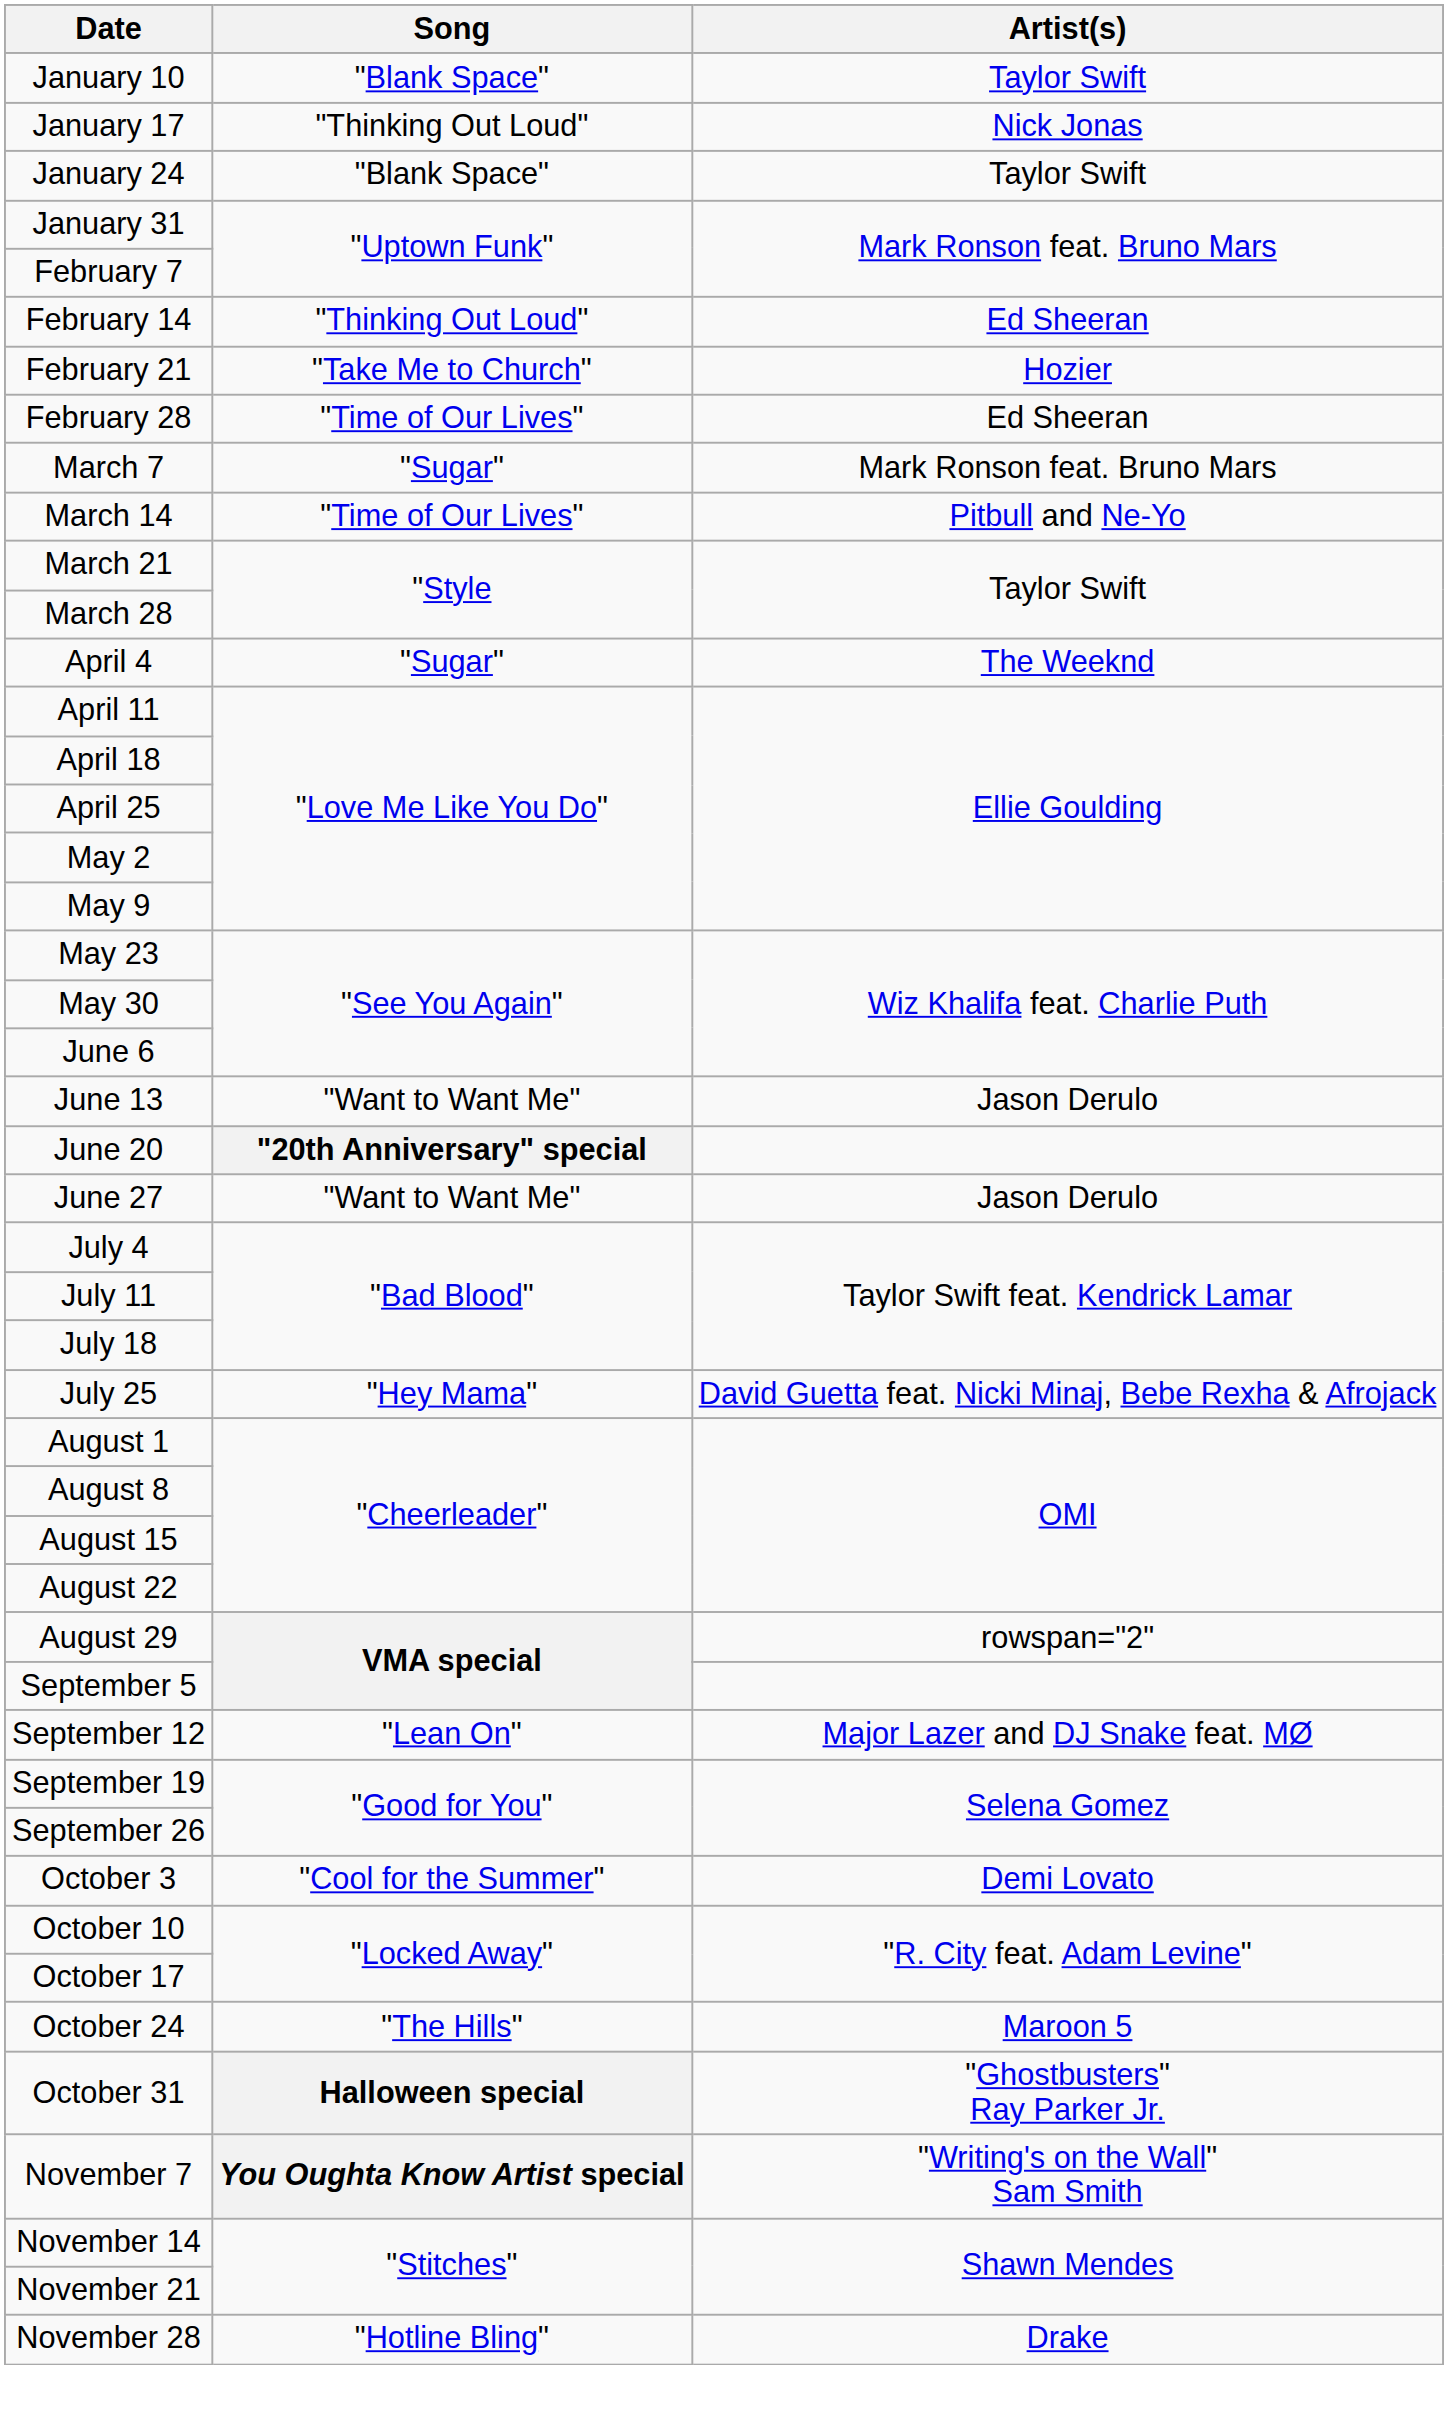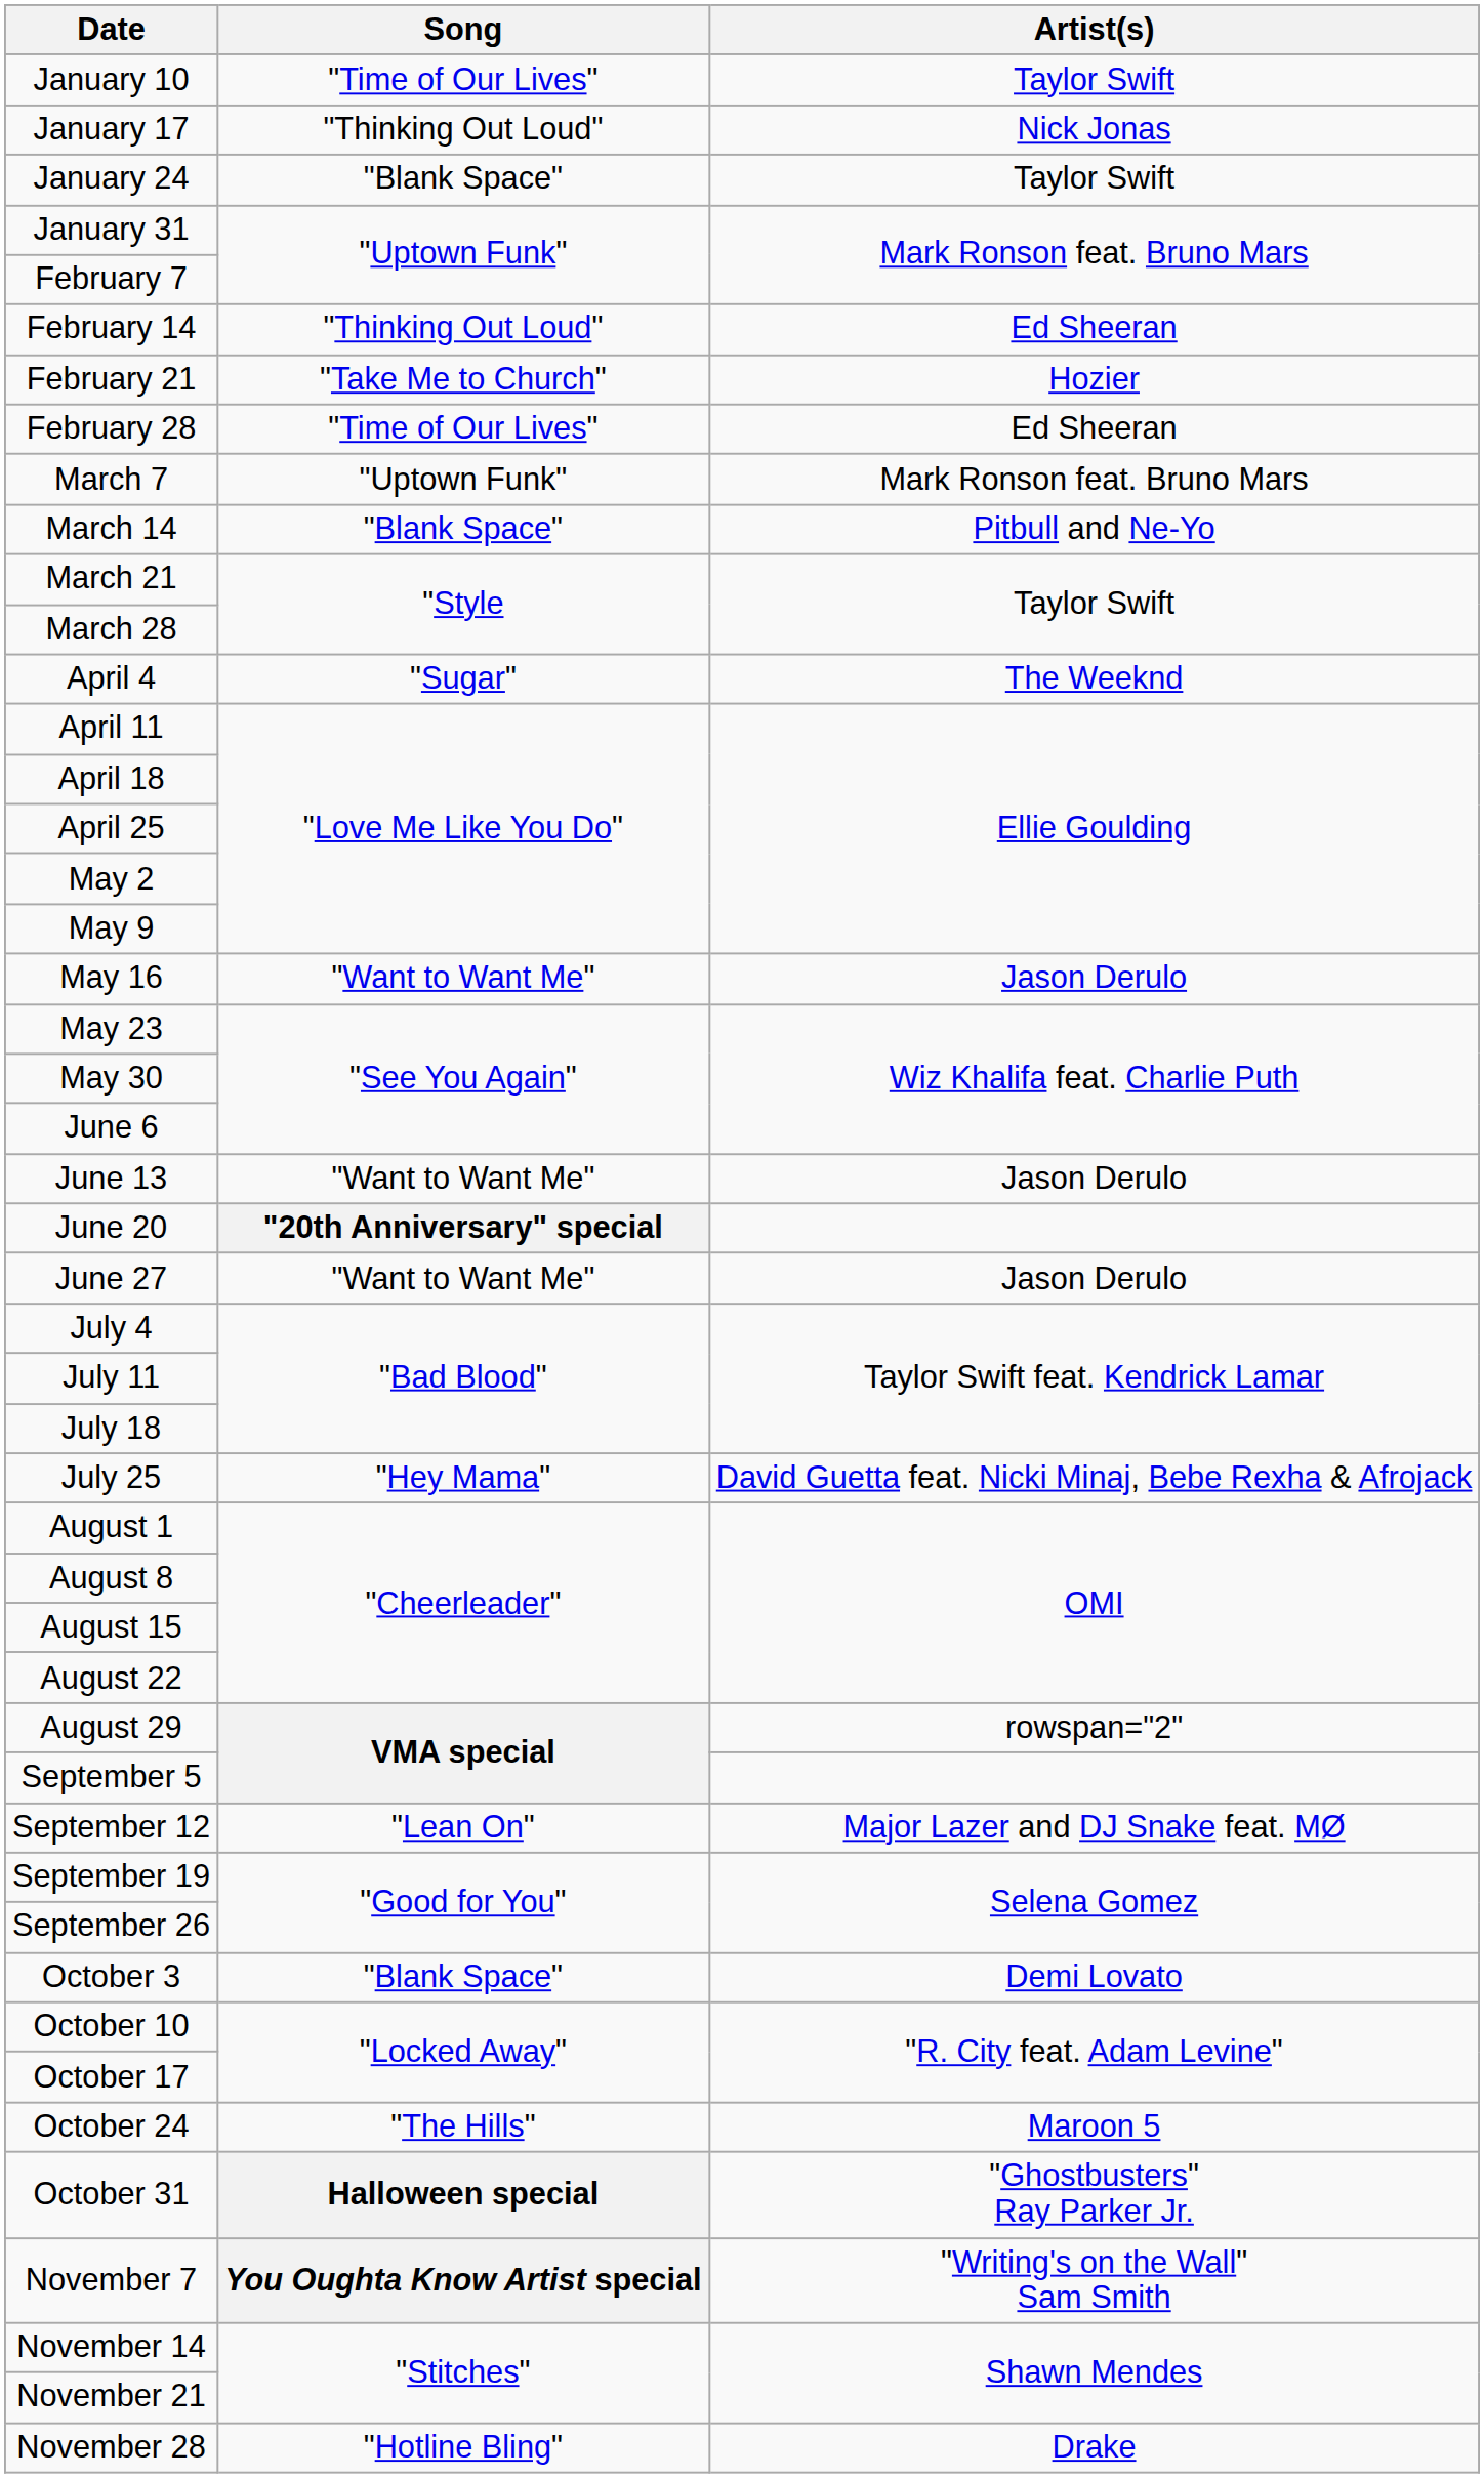 <table class="wikitable collapsible collapsed" style="text-align:center;">
 <tr>
 <th>Date</th>
 <th>Song</th>
 <th>Artist(s)</th>
 </tr>
 <tr>
 <td>January 10</td>
-<td>"<a href='#'>Blank Space</a>"</td>
+<td>"<a href='#'>Time of Our Lives</a>"</td>
 <td><a href='#'>Taylor Swift</a></td>
 </tr>
 <tr>
 <td>January 17</td>
 <td>"Thinking Out Loud"</td>
 <td><a href='#'>Nick Jonas</a></td>
 </tr>
 <tr>
 <td>January 24</td>
 <td>"Blank Space"</td>
 <td>Taylor Swift</td>
 </tr>
 <tr>
 <td>January 31</td>
 <td rowspan="2">"<a href='#'>Uptown Funk</a>"</td>
 <td rowspan="2"><a href='#'>Mark Ronson</a> feat. <a href='#'>Bruno Mars</a></td>
 </tr>
 <tr>
 <td>February 7</td>
 </tr>
 <tr>
 <td>February 14</td>
 <td>"<a href='#'>Thinking Out Loud</a>"</td>
 <td><a href='#'>Ed Sheeran</a></td>
 </tr>
 <tr>
 <td>February 21</td>
 <td>"<a href='#'>Take Me to Church</a>"</td>
 <td><a href='#'>Hozier</a></td>
 </tr>
 <tr>
 <td>February 28</td>
 <td>"<a href='#'>Time of Our Lives</a>"</td>
 <td>Ed Sheeran</td>
 </tr>
 <tr>
 <td>March 7</td>
-<td>"<a href='#'>Sugar</a>"</td>
+<td>"Uptown Funk"</td>
 <td>Mark Ronson feat. Bruno Mars</td>
 </tr>
 <tr>
 <td>March 14</td>
-<td>"<a href='#'>Time of Our Lives</a>"</td>
+<td>"<a href='#'>Blank Space</a>"</td>
 <td><a href='#'>Pitbull</a> and <a href='#'>Ne-Yo</a></td>
 </tr>
 <tr>
 <td>March 21</td>
 <td rowspan="2">"<a href='#'>Style</a></td>
 <td rowspan="2">Taylor Swift</td>
 </tr>
 <tr>
 <td>March 28</td>
 </tr>
 <tr>
 <td>April 4</td>
 <td>"<a href='#'>Sugar</a>"</td>
 <td><a href='#'>The Weeknd</a></td>
 </tr>
 <tr>
 <td>April 11</td>
 <td rowspan="5">"<a href='#'>Love Me Like You Do</a>"</td>
 <td rowspan="5"><a href='#'>Ellie Goulding</a></td>
 </tr>
 <tr>
 <td>April 18</td>
 </tr>
 <tr>
 <td>April 25</td>
 </tr>
 <tr>
 <td>May 2</td>
 </tr>
 <tr>
 <td>May 9</td>
+</tr>
+<tr>
+<td>May 16</td>
+<td>"<a href='#'>Want to Want Me</a>"</td>
+<td><a href='#'>Jason Derulo</a></td>
 </tr>
 <tr>
 <td>May 23</td>
 <td rowspan="3">"<a href='#'>See You Again</a>"</td>
 <td rowspan="3"><a href='#'>Wiz Khalifa</a> feat. <a href='#'>Charlie Puth</a></td>
 </tr>
 <tr>
 <td>May 30</td>
 </tr>
 <tr>
 <td>June 6</td>
 </tr>
 <tr>
 <td>June 13</td>
 <td>"Want to Want Me"</td>
 <td>Jason Derulo</td>
 </tr>
 <tr>
 <td>June 20</td>
 <th>"20th Anniversary" special</th>
 <td></td>
 </tr>
 <tr>
 <td>June 27</td>
 <td>"Want to Want Me"</td>
 <td>Jason Derulo</td>
 </tr>
 <tr>
 <td>July 4</td>
 <td rowspan="3">"<a href='#'>Bad Blood</a>"</td>
 <td rowspan="3">Taylor Swift feat. <a href='#'>Kendrick Lamar</a></td>
 </tr>
 <tr>
 <td>July 11</td>
 </tr>
 <tr>
 <td>July 18</td>
 </tr>
 <tr>
 <td>July 25</td>
 <td>"<a href='#'>Hey Mama</a>"</td>
 <td><a href='#'>David Guetta</a> feat. <a href='#'>Nicki Minaj</a>, <a href='#'>Bebe Rexha</a> & <a href='#'>Afrojack</a></td>
 </tr>
 <tr>
 <td>August 1</td>
 <td rowspan="4">"<a href='#'>Cheerleader</a>"</td>
 <td rowspan="4"><a href='#'>OMI</a></td>
 </tr>
 <tr>
 <td>August 8</td>
 </tr>
 <tr>
 <td>August 15</td>
 </tr>
 <tr>
 <td>August 22</td>
 </tr>
 <tr>
 <td>August 29</td>
 <th rowspan="2">VMA special</th>
 <td>rowspan="2" </td>
 </tr>
 <tr>
 <td>September 5</td>
 </tr>
 <tr>
 <td>September 12</td>
 <td>"<a href='#'>Lean On</a>"</td>
 <td><a href='#'>Major Lazer</a> and <a href='#'>DJ Snake</a> feat. <a href='#'>MØ</a></td>
 </tr>
 <tr>
 <td>September 19</td>
 <td rowspan="2">"<a href='#'>Good for You</a>"</td>
 <td rowspan="2"><a href='#'>Selena Gomez</a></td>
 </tr>
 <tr>
 <td>September 26</td>
 </tr>
 <tr>
 <td>October 3</td>
-<td>"<a href='#'>Cool for the Summer</a>"</td>
+<td>"<a href='#'>Blank Space</a>"</td>
 <td><a href='#'>Demi Lovato</a></td>
 </tr>
 <tr>
 <td>October 10</td>
 <td rowspan="2">"<a href='#'>Locked Away</a>"</td>
 <td rowspan="2">"<a href='#'>R. City</a> feat. <a href='#'>Adam Levine</a>"</td>
 </tr>
 <tr>
 <td>October 17</td>
 </tr>
 <tr>
 <td>October 24</td>
 <td>"<a href='#'>The Hills</a>"</td>
 <td><a href='#'>Maroon 5</a></td>
 </tr>
 <tr>
 <td>October 31</td>
 <th>Halloween special</th>
 <td>"<a href='#'>Ghostbusters</a>"<br><a href='#'>Ray Parker Jr.</a></td>
 </tr>
 <tr>
 <td>November 7</td>
 <th><em>You Oughta Know Artist</em> special</th>
 <td>"<a href='#'>Writing's on the Wall</a>"<br><a href='#'>Sam Smith</a></td>
 </tr>
 <tr>
 <td>November 14</td>
 <td rowspan="2">"<a href='#'>Stitches</a>"</td>
 <td rowspan="2"><a href='#'>Shawn Mendes</a></td>
 </tr>
 <tr>
 <td>November 21</td>
 </tr>
 <tr>
 <td>November 28</td>
 <td>"<a href='#'>Hotline Bling</a>"</td>
 <td><a href='#'>Drake</a></td>
 </tr>
 </table>
